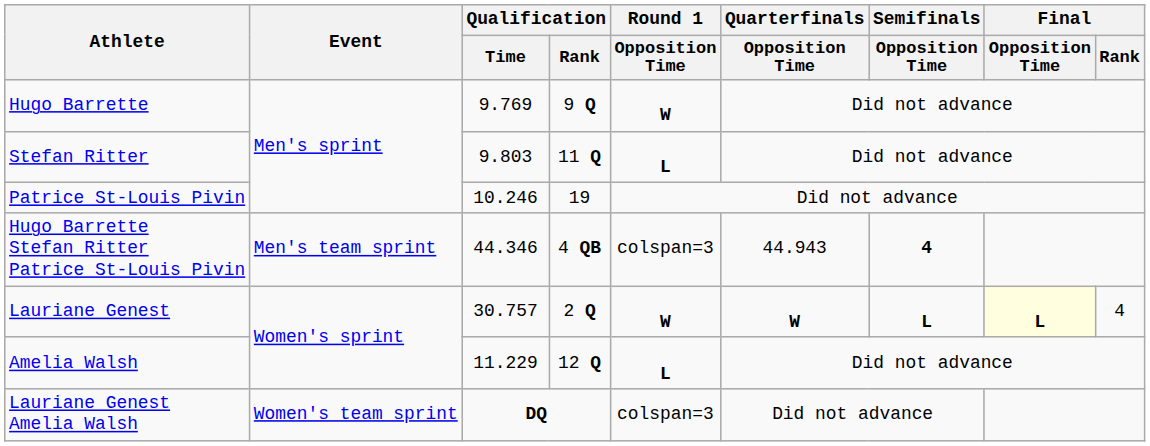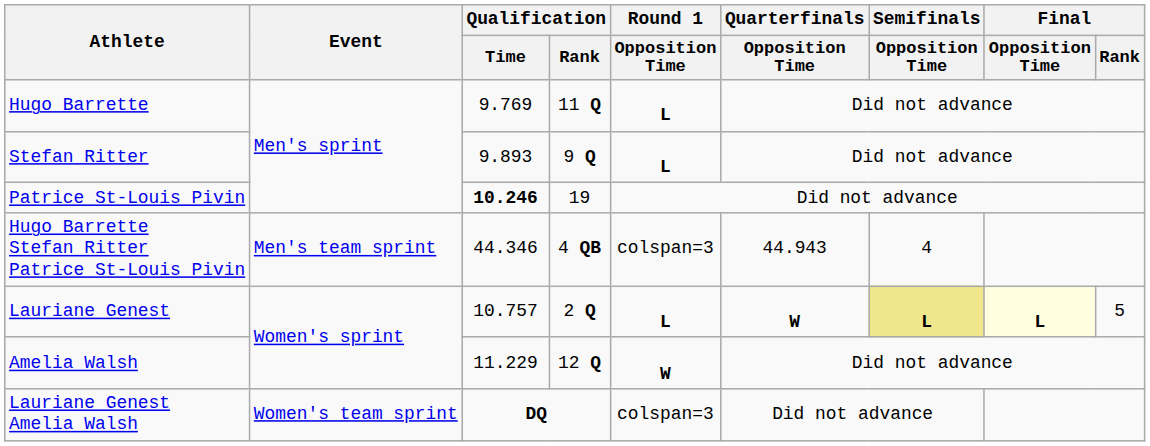 <table class="wikitable" style="font-size:90%;">
 <tr>
 <th rowspan=2>Athlete</th>
 <th rowspan=2>Event</th>
 <th colspan=2>Qualification</th>
 <th>Round 1</th>
 <th>Quarterfinals</th>
 <th>Semifinals</th>
 <th colspan=2>Final</th>
 </tr>
 <tr style="font-size:95%">
 <th>Time</th>
 <th>Rank</th>
 <th>Opposition<br>Time</th>
 <th>Opposition<br>Time</th>
 <th>Opposition<br>Time</th>
 <th>Opposition<br>Time</th>
 <th>Rank</th>
 </tr>
 <tr align=center>
 <td align=left><a href='#'>Hugo Barrette</a></td>
 <td align=left rowspan=3><a href='#'>Men's sprint</a></td>
 <td>9.769</td>
-<td>9 <strong>Q</strong></td>
-<td><br><strong>W</strong></td>
-<td colspan=4>Did not advance</td>
-</tr>
-<tr align=center>
-<td align=left><a href='#'>Stefan Ritter</a></td>
-<td>9.803</td>
 <td>11 <strong>Q</strong></td>
 <td><br><strong>L</strong></td>
 <td colspan=4>Did not advance</td>
 </tr>
 <tr align=center>
+<td align=left><a href='#'>Stefan Ritter</a></td>
+<td>9.893</td>
+<td>9 <strong>Q</strong></td>
+<td><br><strong>L</strong></td>
+<td colspan=4>Did not advance</td>
+</tr>
+<tr align=center>
 <td align=left><a href='#'>Patrice St-Louis Pivin</a></td>
-<td>10.246</td>
+<td><strong>10.246</strong></td>
 <td>19</td>
 <td colspan=5>Did not advance</td>
 </tr>
 <tr align=center>
 <td align=left><a href='#'>Hugo Barrette</a><br><a href='#'>Stefan Ritter</a><br><a href='#'>Patrice St-Louis Pivin</a></td>
 <td align=left><a href='#'>Men's team sprint</a></td>
 <td>44.346</td>
 <td>4 <strong>QB</strong></td>
 <td>colspan=3 </td>
 <td>44.943</td>
-<td><strong>4</strong></td>
+<td>4</td>
 </tr>
 <tr align=center>
 <td align=left><a href='#'>Lauriane Genest</a></td>
 <td align=left rowspan=2><a href='#'>Women's sprint</a></td>
-<td>30.757</td>
+<td>10.757</td>
 <td>2 <strong>Q</strong></td>
+<td><br><strong>L</strong></td>
 <td><br><strong>W</strong></td>
-<td><br><strong>W</strong></td>
-<td><br><strong>L</strong></td>
+<td style="background: khaki;"><br><strong>L</strong></td>
 <td style="background: lightyellow;"><br><strong>L</strong></td>
-<td>4</td>
+<td>5</td>
 </tr>
 <tr align=center>
 <td align=left><a href='#'>Amelia Walsh</a></td>
 <td>11.229</td>
 <td>12 <strong>Q</strong></td>
-<td><br><strong>L</strong></td>
+<td><br><strong>W</strong></td>
 <td colspan=4>Did not advance</td>
 </tr>
 <tr align=center>
 <td align=left><a href='#'>Lauriane Genest</a><br><a href='#'>Amelia Walsh</a></td>
 <td align=left><a href='#'>Women's team sprint</a></td>
 <td colspan=2><strong>DQ</strong></td>
 <td>colspan=3 </td>
 <td colspan=2>Did not advance</td>
 </tr>
 </table>
